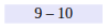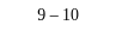 <table style="text-align:center">
 <tr>
 <th width=200></th>
 <th width=100></th>
 <th width=200></th>
 </tr>
 <tr>
 <td align=right></td>
-<td style="background: lavender;">9 – 10</td>
+<td>9 – 10</td>
 <td align=left><strong></strong></td>
 </tr>
 </table>
